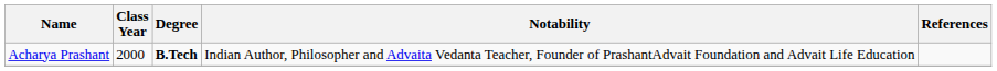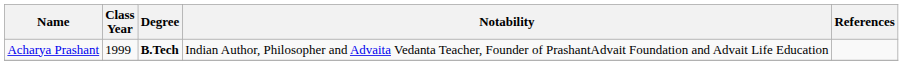 <table class="wikitable">
 <tr>
 <th>Name</th>
 <th>Class<br>Year</th>
 <th>Degree</th>
 <th>Notability</th>
 <th>References</th>
 </tr>
 <tr>
 <td><a href='#'>Acharya Prashant</a></td>
-<td>2000</td>
+<td>1999</td>
 <td><strong>B.Tech</strong></td>
 <td>Indian Author, Philosopher and <a href='#'>Advaita</a> Vedanta Teacher, Founder of PrashantAdvait Foundation and Advait Life Education</td>
 <td><br> </td>
 </tr>
 <tr>
 </tr>
 </table>
